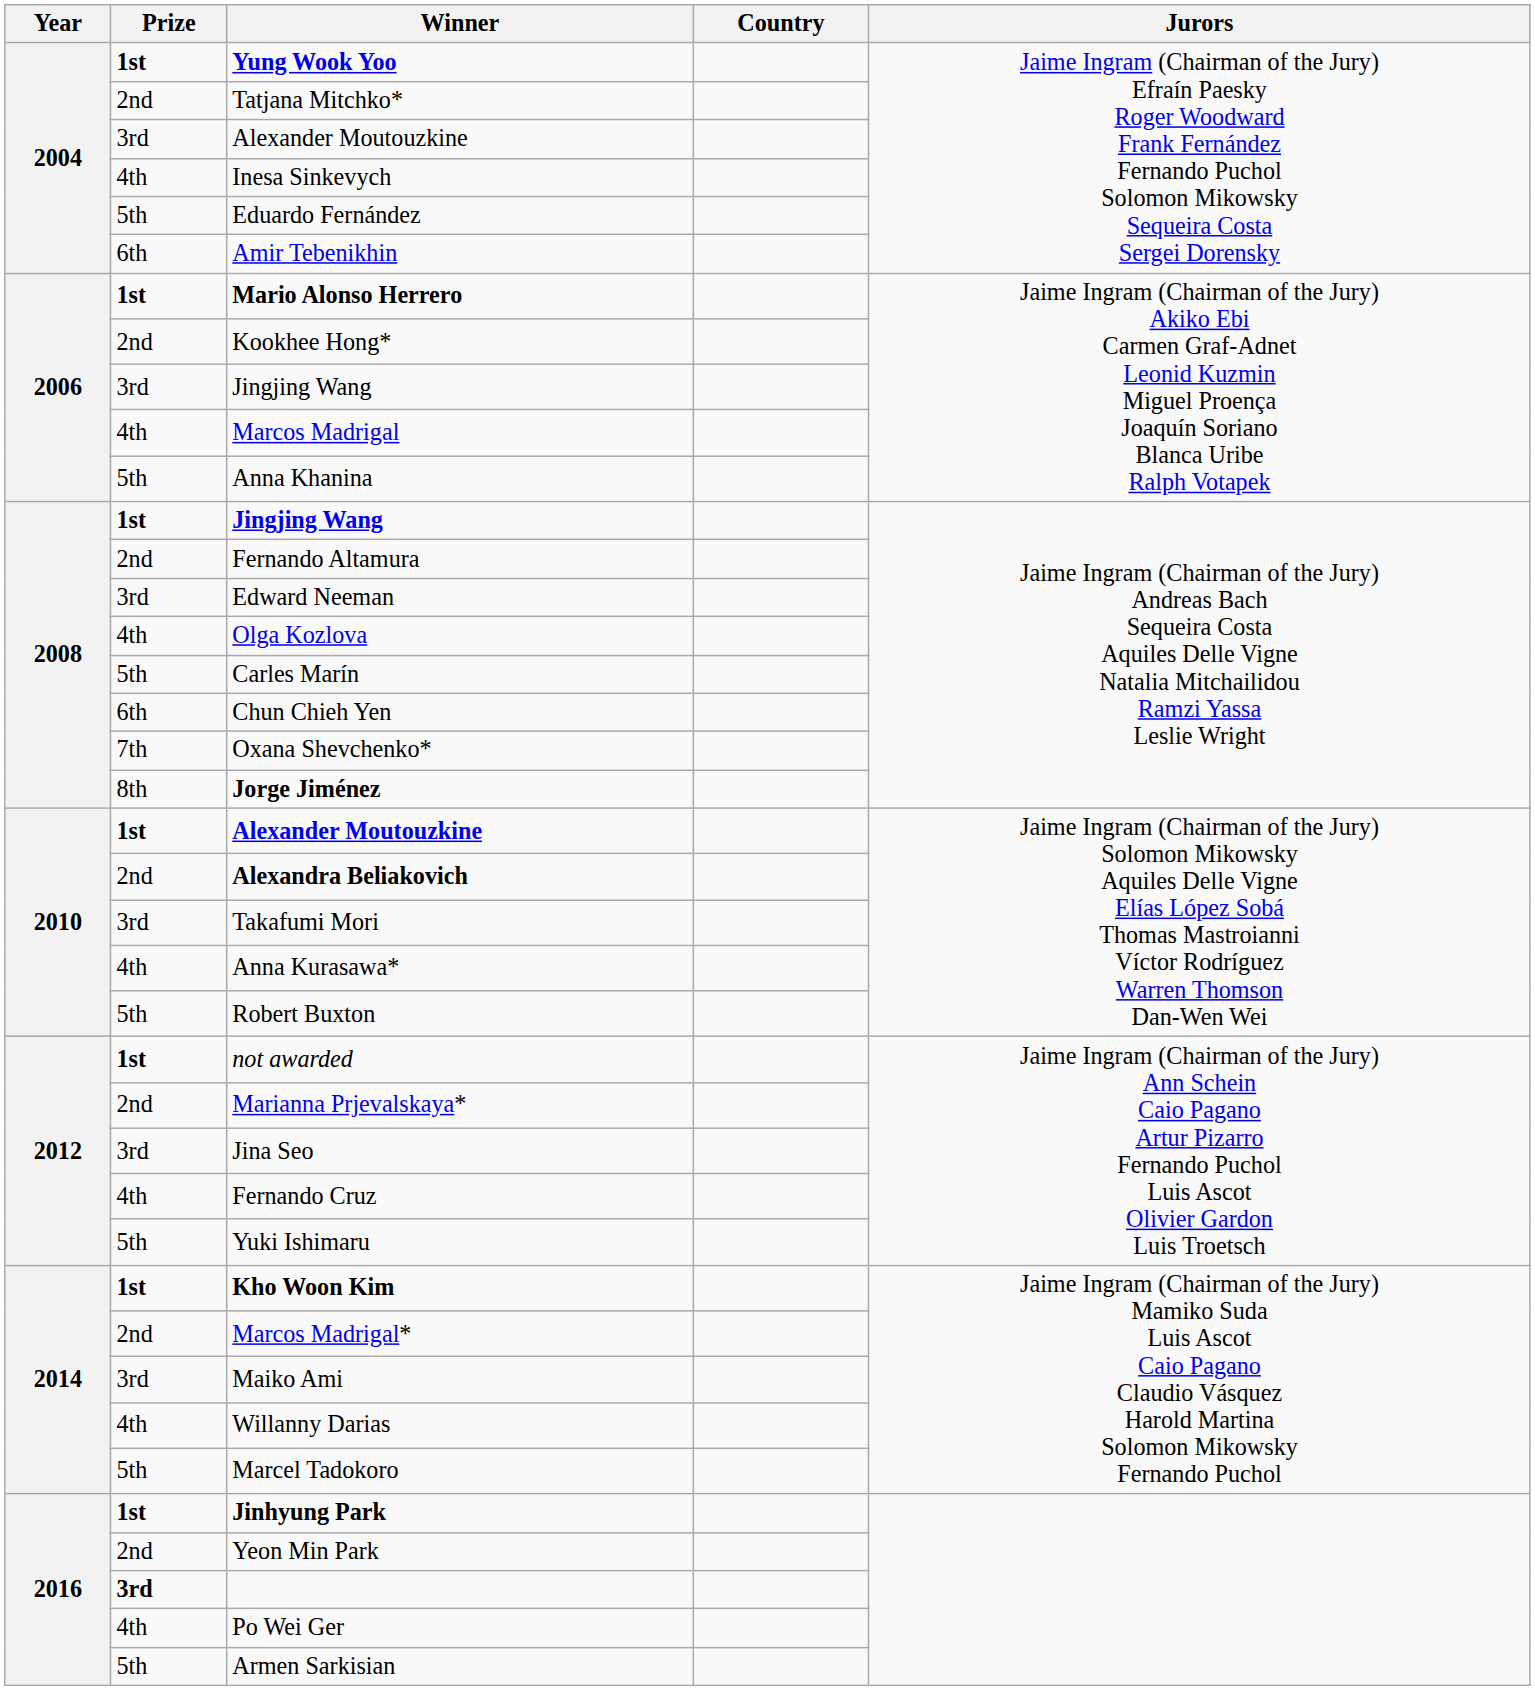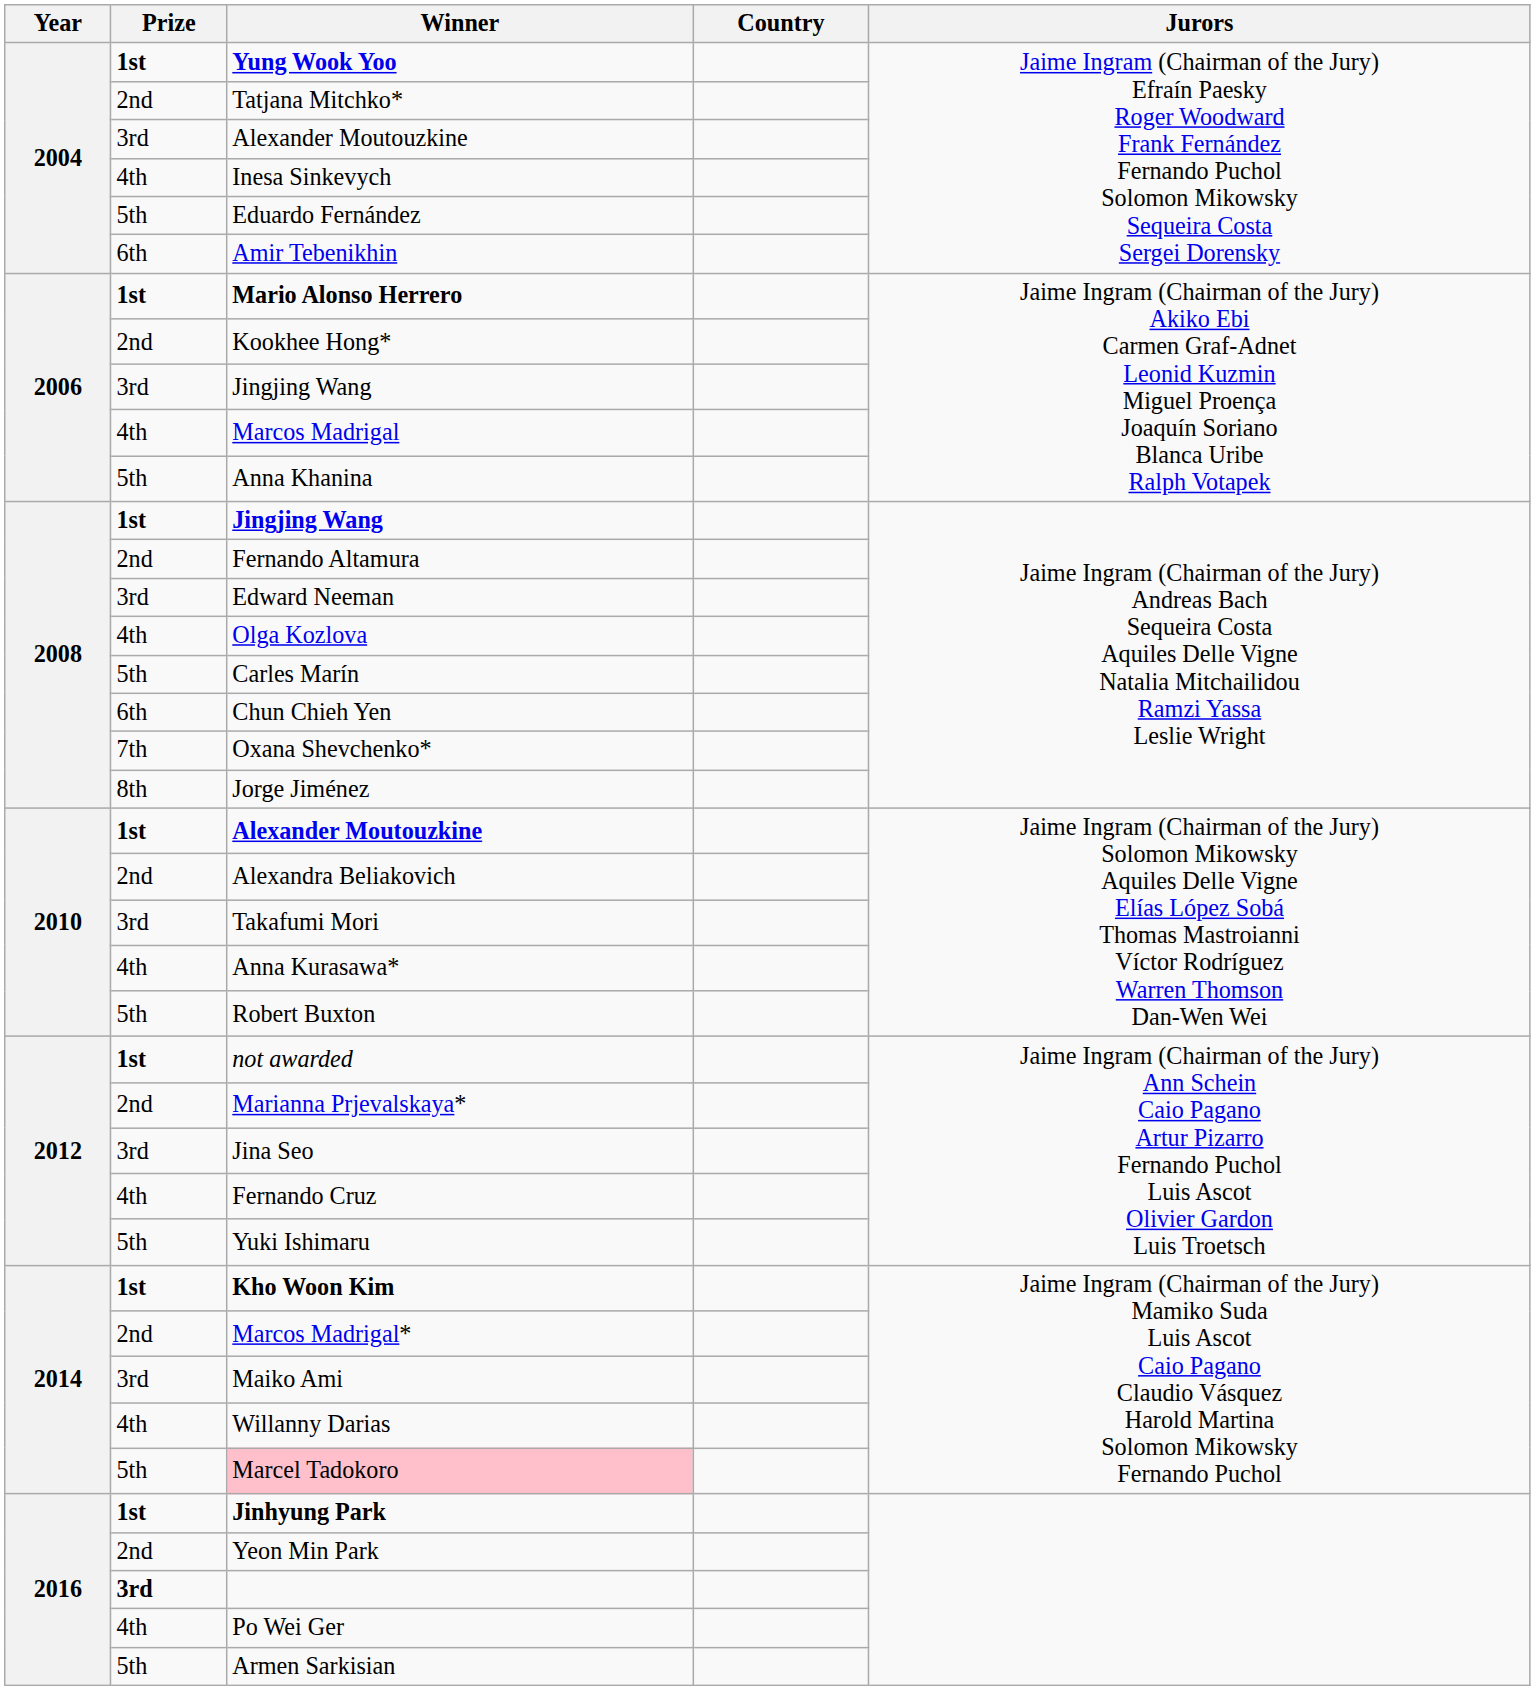 <table class="wikitable" width="80%" align="centre">
 <tr>
 <th>Year</th>
 <th>Prize</th>
 <th>Winner</th>
 <th>Country</th>
 <th>Jurors</th>
 </tr>
 <tr>
 <th rowspan=6>2004</th>
 <td><strong>1st</strong></td>
 <td><strong><a href='#'>Yung Wook Yoo</a></strong></td>
 <td><strong></strong></td>
 <td rowspan=6 align=center><a href='#'>Jaime Ingram</a> (Chairman of the Jury)<br>Efraín Paesky<br><a href='#'>Roger Woodward</a><br><a href='#'>Frank Fernández</a><br>Fernando Puchol<br>Solomon Mikowsky<br><a href='#'>Sequeira Costa</a><br><a href='#'>Sergei Dorensky</a><br></td>
 </tr>
 <tr>
 <td>2nd</td>
 <td>Tatjana Mitchko*</td>
 <td></td>
 </tr>
 <tr>
 <td>3rd</td>
 <td>Alexander Moutouzkine</td>
 <td></td>
 </tr>
 <tr>
 <td>4th</td>
 <td>Inesa Sinkevych</td>
 <td></td>
 </tr>
 <tr>
 <td>5th</td>
 <td>Eduardo Fernández</td>
 <td></td>
 </tr>
 <tr>
 <td>6th</td>
 <td><a href='#'>Amir Tebenikhin</a></td>
 <td></td>
 </tr>
 <tr>
 <th rowspan=5>2006</th>
 <td><strong>1st</strong></td>
 <td><strong>Mario Alonso Herrero</strong></td>
 <td><strong></strong></td>
 <td rowspan=5 align=center>Jaime Ingram (Chairman of the Jury)<br><a href='#'>Akiko Ebi</a><br>Carmen Graf-Adnet<br><a href='#'>Leonid Kuzmin</a><br>Miguel Proença<br>Joaquín Soriano<br>Blanca Uribe<br><a href='#'>Ralph Votapek</a><br></td>
 </tr>
 <tr>
 <td>2nd</td>
 <td>Kookhee Hong*</td>
 <td></td>
 </tr>
 <tr>
 <td>3rd</td>
 <td>Jingjing Wang</td>
 <td></td>
 </tr>
 <tr>
 <td>4th</td>
 <td><a href='#'>Marcos Madrigal</a></td>
 <td></td>
 </tr>
 <tr>
 <td>5th</td>
 <td>Anna Khanina</td>
 <td></td>
 </tr>
 <tr>
 <th rowspan=8>2008</th>
 <td><strong>1st</strong></td>
 <td><strong><a href='#'>Jingjing Wang</a></strong></td>
 <td><strong></strong></td>
 <td rowspan=8 align=center>Jaime Ingram (Chairman of the Jury)<br>Andreas Bach<br>Sequeira Costa<br>Aquiles Delle Vigne<br>Natalia Mitchailidou<br><a href='#'>Ramzi Yassa</a><br>Leslie Wright<br></td>
 </tr>
 <tr>
 <td>2nd</td>
 <td>Fernando Altamura</td>
 <td></td>
 </tr>
 <tr>
 <td>3rd</td>
 <td>Edward Neeman</td>
 <td></td>
 </tr>
 <tr>
 <td>4th</td>
 <td><a href='#'>Olga Kozlova</a></td>
 <td></td>
 </tr>
 <tr>
 <td>5th</td>
 <td>Carles Marín</td>
 <td></td>
 </tr>
 <tr>
 <td>6th</td>
 <td>Chun Chieh Yen</td>
 <td></td>
 </tr>
 <tr>
 <td>7th</td>
 <td>Oxana Shevchenko*</td>
 <td></td>
 </tr>
 <tr>
 <td>8th</td>
-<td><strong>Jorge Jiménez</strong></td>
+<td>Jorge Jiménez</td>
 <td></td>
 </tr>
 <tr>
 <th rowspan=5>2010</th>
 <td><strong>1st</strong></td>
 <td><strong><a href='#'>Alexander Moutouzkine</a></strong></td>
 <td><strong></strong></td>
 <td rowspan=5 align=center>Jaime Ingram (Chairman of the Jury)<br>Solomon Mikowsky<br>Aquiles Delle Vigne<br><a href='#'>Elías López Sobá</a><br>Thomas Mastroianni<br>Víctor Rodríguez<br><a href='#'>Warren Thomson</a><br>Dan-Wen Wei<br></td>
 </tr>
 <tr>
 <td>2nd</td>
-<td><strong>Alexandra Beliakovich</strong></td>
+<td>Alexandra Beliakovich</td>
 <td></td>
 </tr>
 <tr>
 <td>3rd</td>
 <td>Takafumi Mori</td>
 <td></td>
 </tr>
 <tr>
 <td>4th</td>
 <td>Anna Kurasawa*</td>
 <td></td>
 </tr>
 <tr>
 <td>5th</td>
 <td>Robert Buxton</td>
 <td></td>
 </tr>
 <tr>
 <th rowspan=5>2012</th>
 <td><strong>1st</strong></td>
 <td><em>not awarded</em></td>
 <td></td>
 <td rowspan=5 align=center>Jaime Ingram (Chairman of the Jury)<br><a href='#'>Ann Schein</a><br><a href='#'>Caio Pagano</a><br><a href='#'>Artur Pizarro</a><br>Fernando Puchol<br>Luis Ascot<br><a href='#'>Olivier Gardon</a><br>Luis Troetsch<br></td>
 </tr>
 <tr>
 <td>2nd</td>
 <td><a href='#'>Marianna Prjevalskaya</a>*</td>
 <td></td>
 </tr>
 <tr>
 <td>3rd</td>
 <td>Jina Seo</td>
 <td></td>
 </tr>
 <tr>
 <td>4th</td>
 <td>Fernando Cruz</td>
 <td></td>
 </tr>
 <tr>
 <td>5th</td>
 <td>Yuki Ishimaru</td>
 <td></td>
 </tr>
 <tr>
 <th rowspan=5>2014</th>
 <td><strong>1st</strong></td>
 <td><strong>Kho Woon Kim</strong></td>
 <td><strong></strong></td>
 <td rowspan=5 align=center>Jaime Ingram (Chairman of the Jury)<br>Mamiko Suda<br>Luis Ascot<br><a href='#'>Caio Pagano</a><br>Claudio Vásquez<br>Harold Martina<br>Solomon Mikowsky<br>Fernando Puchol<br></td>
 </tr>
 <tr>
 <td>2nd</td>
 <td><a href='#'>Marcos Madrigal</a>*</td>
 <td></td>
 </tr>
 <tr>
 <td>3rd</td>
 <td>Maiko Ami</td>
 <td></td>
 </tr>
 <tr>
 <td>4th</td>
 <td>Willanny Darias</td>
 <td></td>
 </tr>
 <tr>
 <td>5th</td>
-<td>Marcel Tadokoro</td>
+<td style="background: pink;">Marcel Tadokoro</td>
 <td></td>
 </tr>
 <tr>
 <th rowspan=5>2016</th>
 <td><strong>1st</strong></td>
 <td><strong>Jinhyung Park</strong></td>
 <td><strong></strong></td>
 </tr>
 <tr>
 <td>2nd</td>
 <td>Yeon Min Park</td>
 <td></td>
 </tr>
 <tr>
 <td><strong>3rd</strong></td>
 <td></td>
 <td></td>
 </tr>
 <tr>
 <td>4th</td>
 <td>Po Wei Ger</td>
 <td></td>
 </tr>
 <tr>
 <td>5th</td>
 <td>Armen Sarkisian</td>
 <td></td>
 </tr>
 </table>
